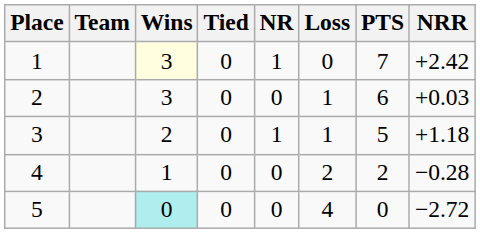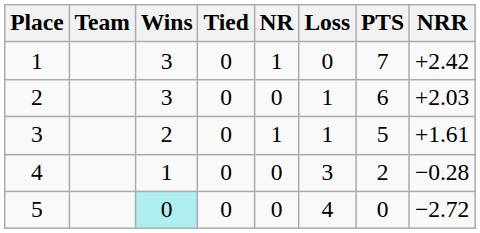 <table class="wikitable">
 <tr>
 <th>Place</th>
 <th>Team</th>
 <th>Wins</th>
 <th>Tied</th>
 <th>NR</th>
 <th>Loss</th>
 <th>PTS</th>
 <th>NRR</th>
 </tr>
 <tr align="center">
 <td>1</td>
 <td align="left"></td>
-<td style="background: lightyellow;">3</td>
+<td>3</td>
 <td>0</td>
 <td>1</td>
 <td>0</td>
 <td>7</td>
 <td>+2.42</td>
 </tr>
 <tr align="center">
 <td>2</td>
 <td align="left"></td>
 <td>3</td>
 <td>0</td>
 <td>0</td>
 <td>1</td>
 <td>6</td>
-<td>+0.03</td>
+<td>+2.03</td>
 </tr>
 <tr align="center">
 <td>3</td>
 <td align="left"></td>
 <td>2</td>
 <td>0</td>
 <td>1</td>
 <td>1</td>
 <td>5</td>
-<td>+1.18</td>
+<td>+1.61</td>
 </tr>
 <tr align="center">
 <td>4</td>
 <td align="left"></td>
 <td>1</td>
 <td>0</td>
 <td>0</td>
-<td>2</td>
+<td>3</td>
 <td>2</td>
 <td>−0.28</td>
 </tr>
 <tr align="center">
 <td>5</td>
 <td align="left"></td>
 <td style="background: paleturquoise;">0</td>
 <td>0</td>
 <td>0</td>
 <td>4</td>
 <td>0</td>
 <td>−2.72</td>
 </tr>
 </table>
